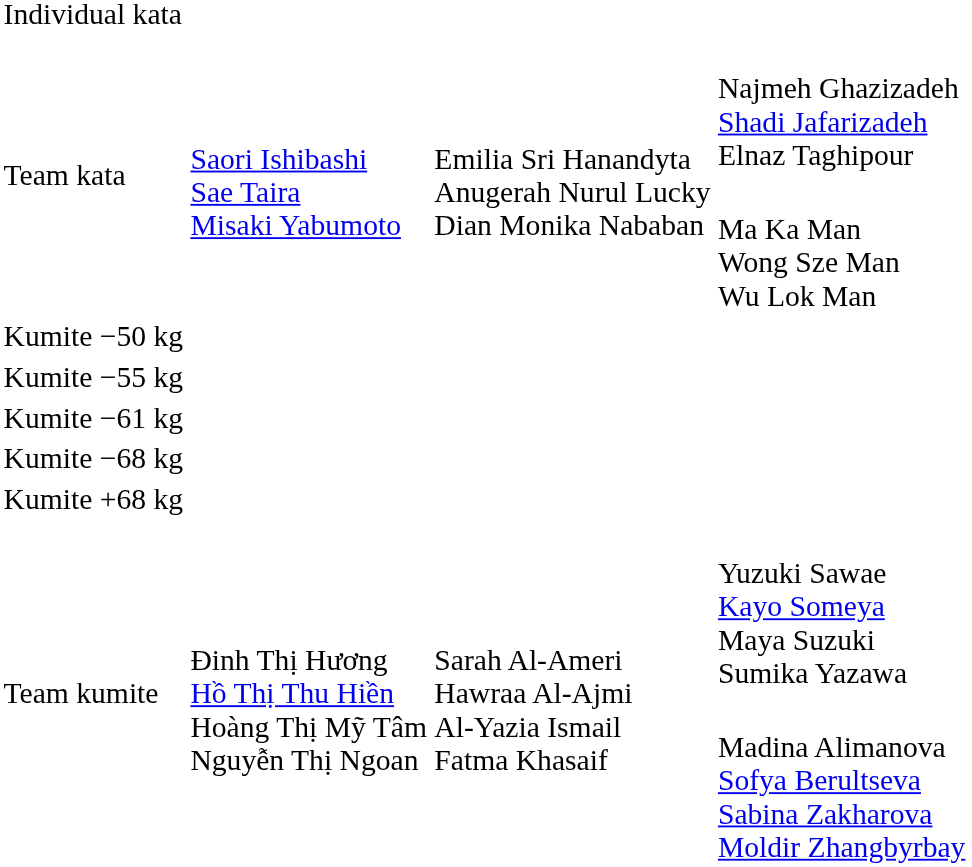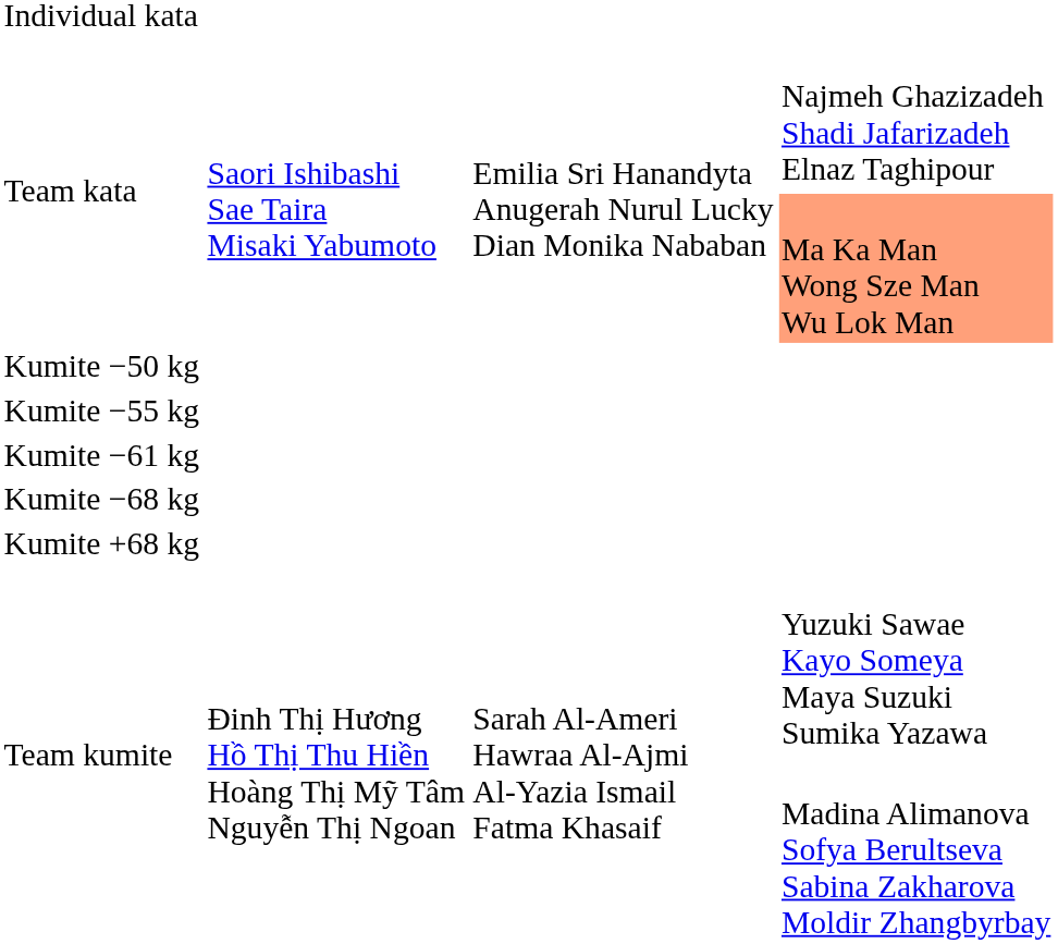 <table>
 <tr>
 <td rowspan=2>Individual kata</td>
 <td rowspan=2></td>
 <td rowspan=2></td>
 <td></td>
 </tr>
 <tr>
 <td></td>
 </tr>
 <tr>
 <td rowspan=2>Team kata</td>
 <td rowspan=2><br><a href='#'>Saori Ishibashi</a><br><a href='#'>Sae Taira</a><br><a href='#'>Misaki Yabumoto</a></td>
 <td rowspan=2><br>Emilia Sri Hanandyta<br>Anugerah Nurul Lucky<br>Dian Monika Nababan</td>
 <td><br>Najmeh Ghazizadeh<br><a href='#'>Shadi Jafarizadeh</a><br>Elnaz Taghipour</td>
 </tr>
 <tr>
-<td><br>Ma Ka Man<br>Wong Sze Man<br>Wu Lok Man</td>
+<td style="background: lightsalmon;"><br>Ma Ka Man<br>Wong Sze Man<br>Wu Lok Man</td>
 </tr>
 <tr>
 <td rowspan=2>Kumite −50 kg</td>
 <td rowspan=2></td>
 <td rowspan=2></td>
 <td></td>
 </tr>
 <tr>
 <td></td>
 </tr>
 <tr>
 <td rowspan=2>Kumite −55 kg</td>
 <td rowspan=2></td>
 <td rowspan=2></td>
 <td></td>
 </tr>
 <tr>
 <td></td>
 </tr>
 <tr>
 <td rowspan=2>Kumite −61 kg</td>
 <td rowspan=2></td>
 <td rowspan=2></td>
 <td></td>
 </tr>
 <tr>
 <td></td>
 </tr>
 <tr>
 <td rowspan=2>Kumite −68 kg</td>
 <td rowspan=2></td>
 <td rowspan=2></td>
 <td></td>
 </tr>
 <tr>
 <td></td>
 </tr>
 <tr>
 <td rowspan=2>Kumite +68 kg</td>
 <td rowspan=2></td>
 <td rowspan=2></td>
 <td></td>
 </tr>
 <tr>
 <td></td>
 </tr>
 <tr>
 <td rowspan=2>Team kumite</td>
 <td rowspan=2><br>Đinh Thị Hương<br><a href='#'>Hồ Thị Thu Hiền</a><br>Hoàng Thị Mỹ Tâm<br>Nguyễn Thị Ngoan</td>
 <td rowspan=2><br>Sarah Al-Ameri<br>Hawraa Al-Ajmi<br>Al-Yazia Ismail<br>Fatma Khasaif</td>
 <td><br>Yuzuki Sawae<br><a href='#'>Kayo Someya</a><br>Maya Suzuki<br>Sumika Yazawa</td>
 </tr>
 <tr>
 <td><br>Madina Alimanova<br><a href='#'>Sofya Berultseva</a><br><a href='#'>Sabina Zakharova</a><br><a href='#'>Moldir Zhangbyrbay</a></td>
 </tr>
 </table>
